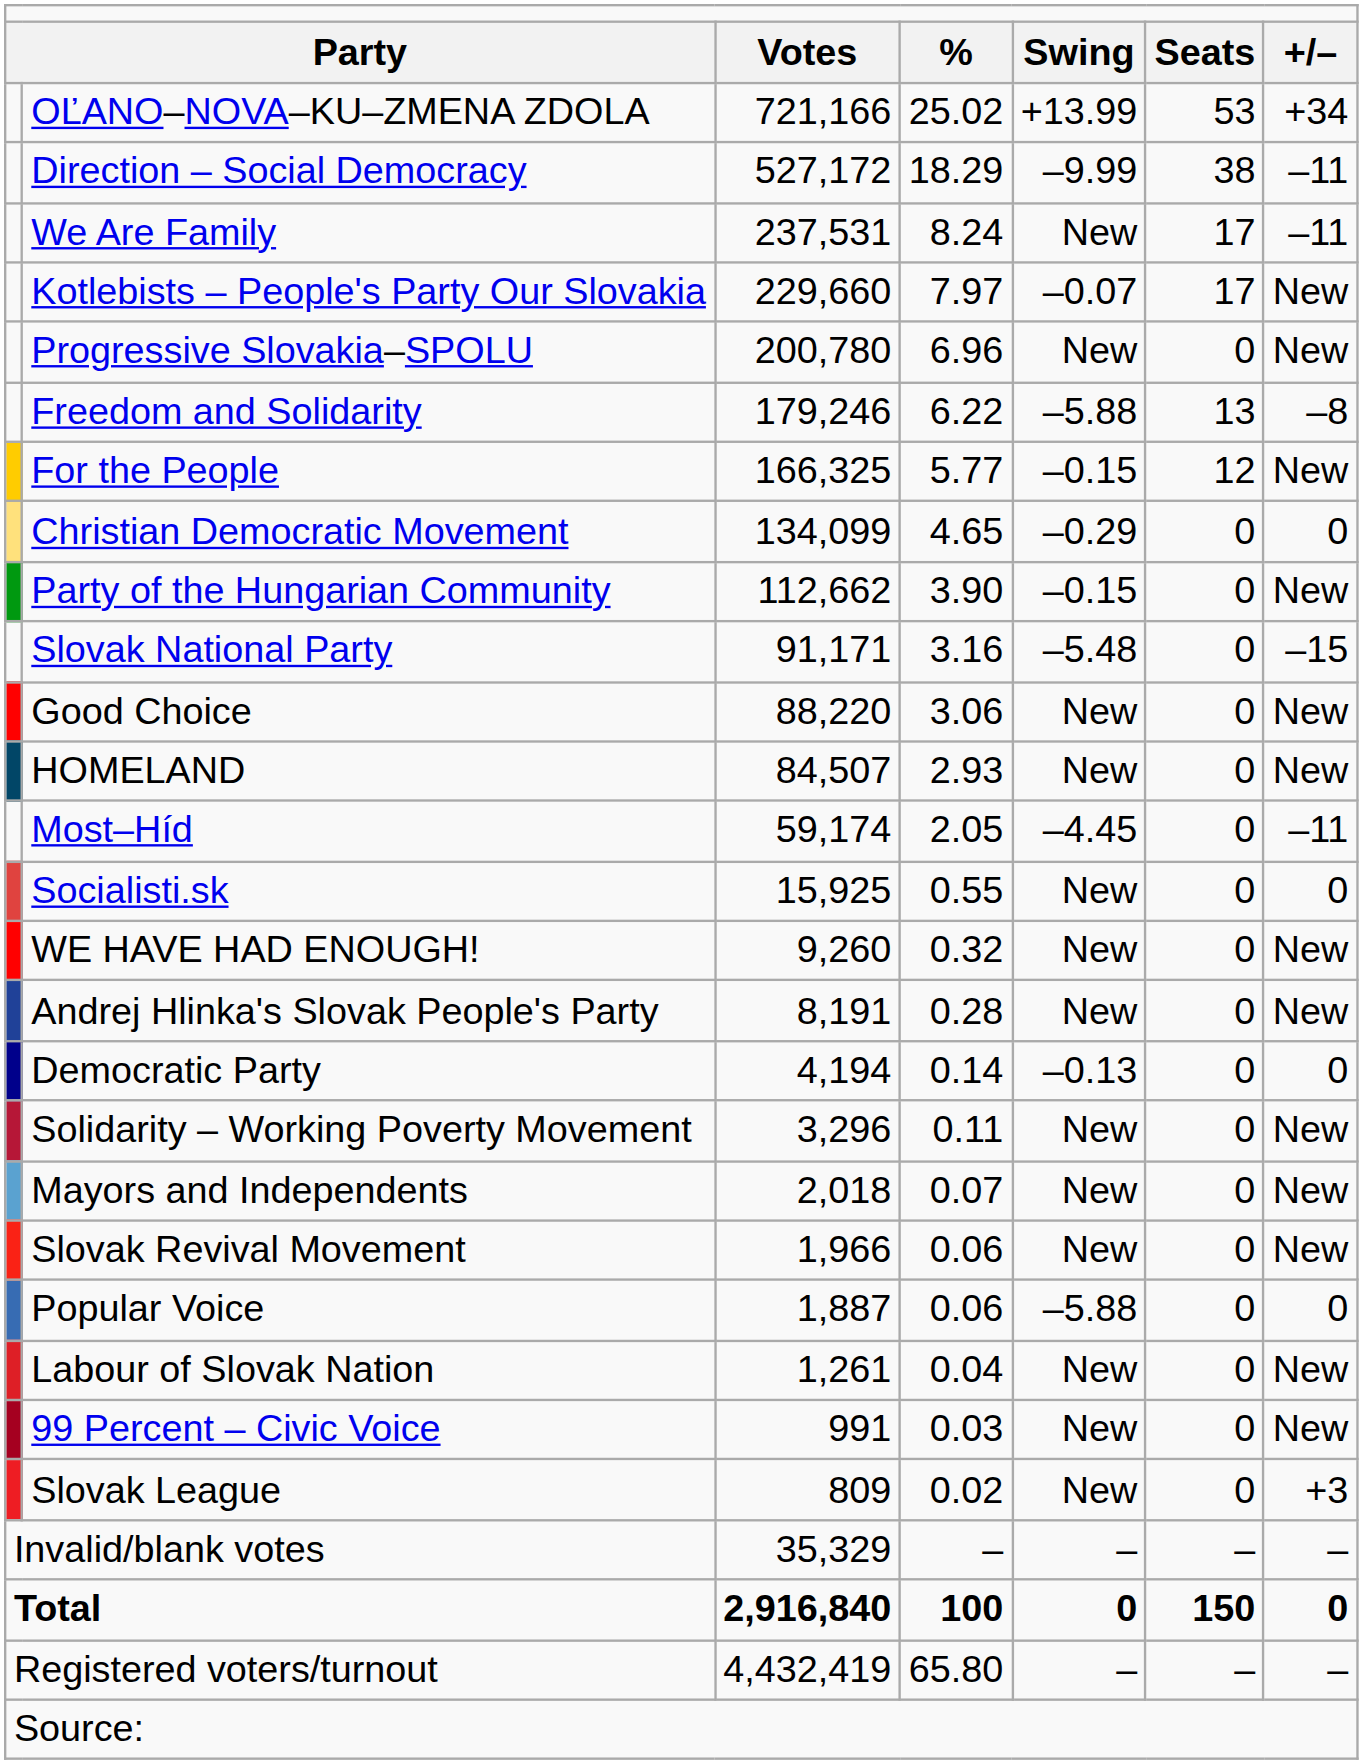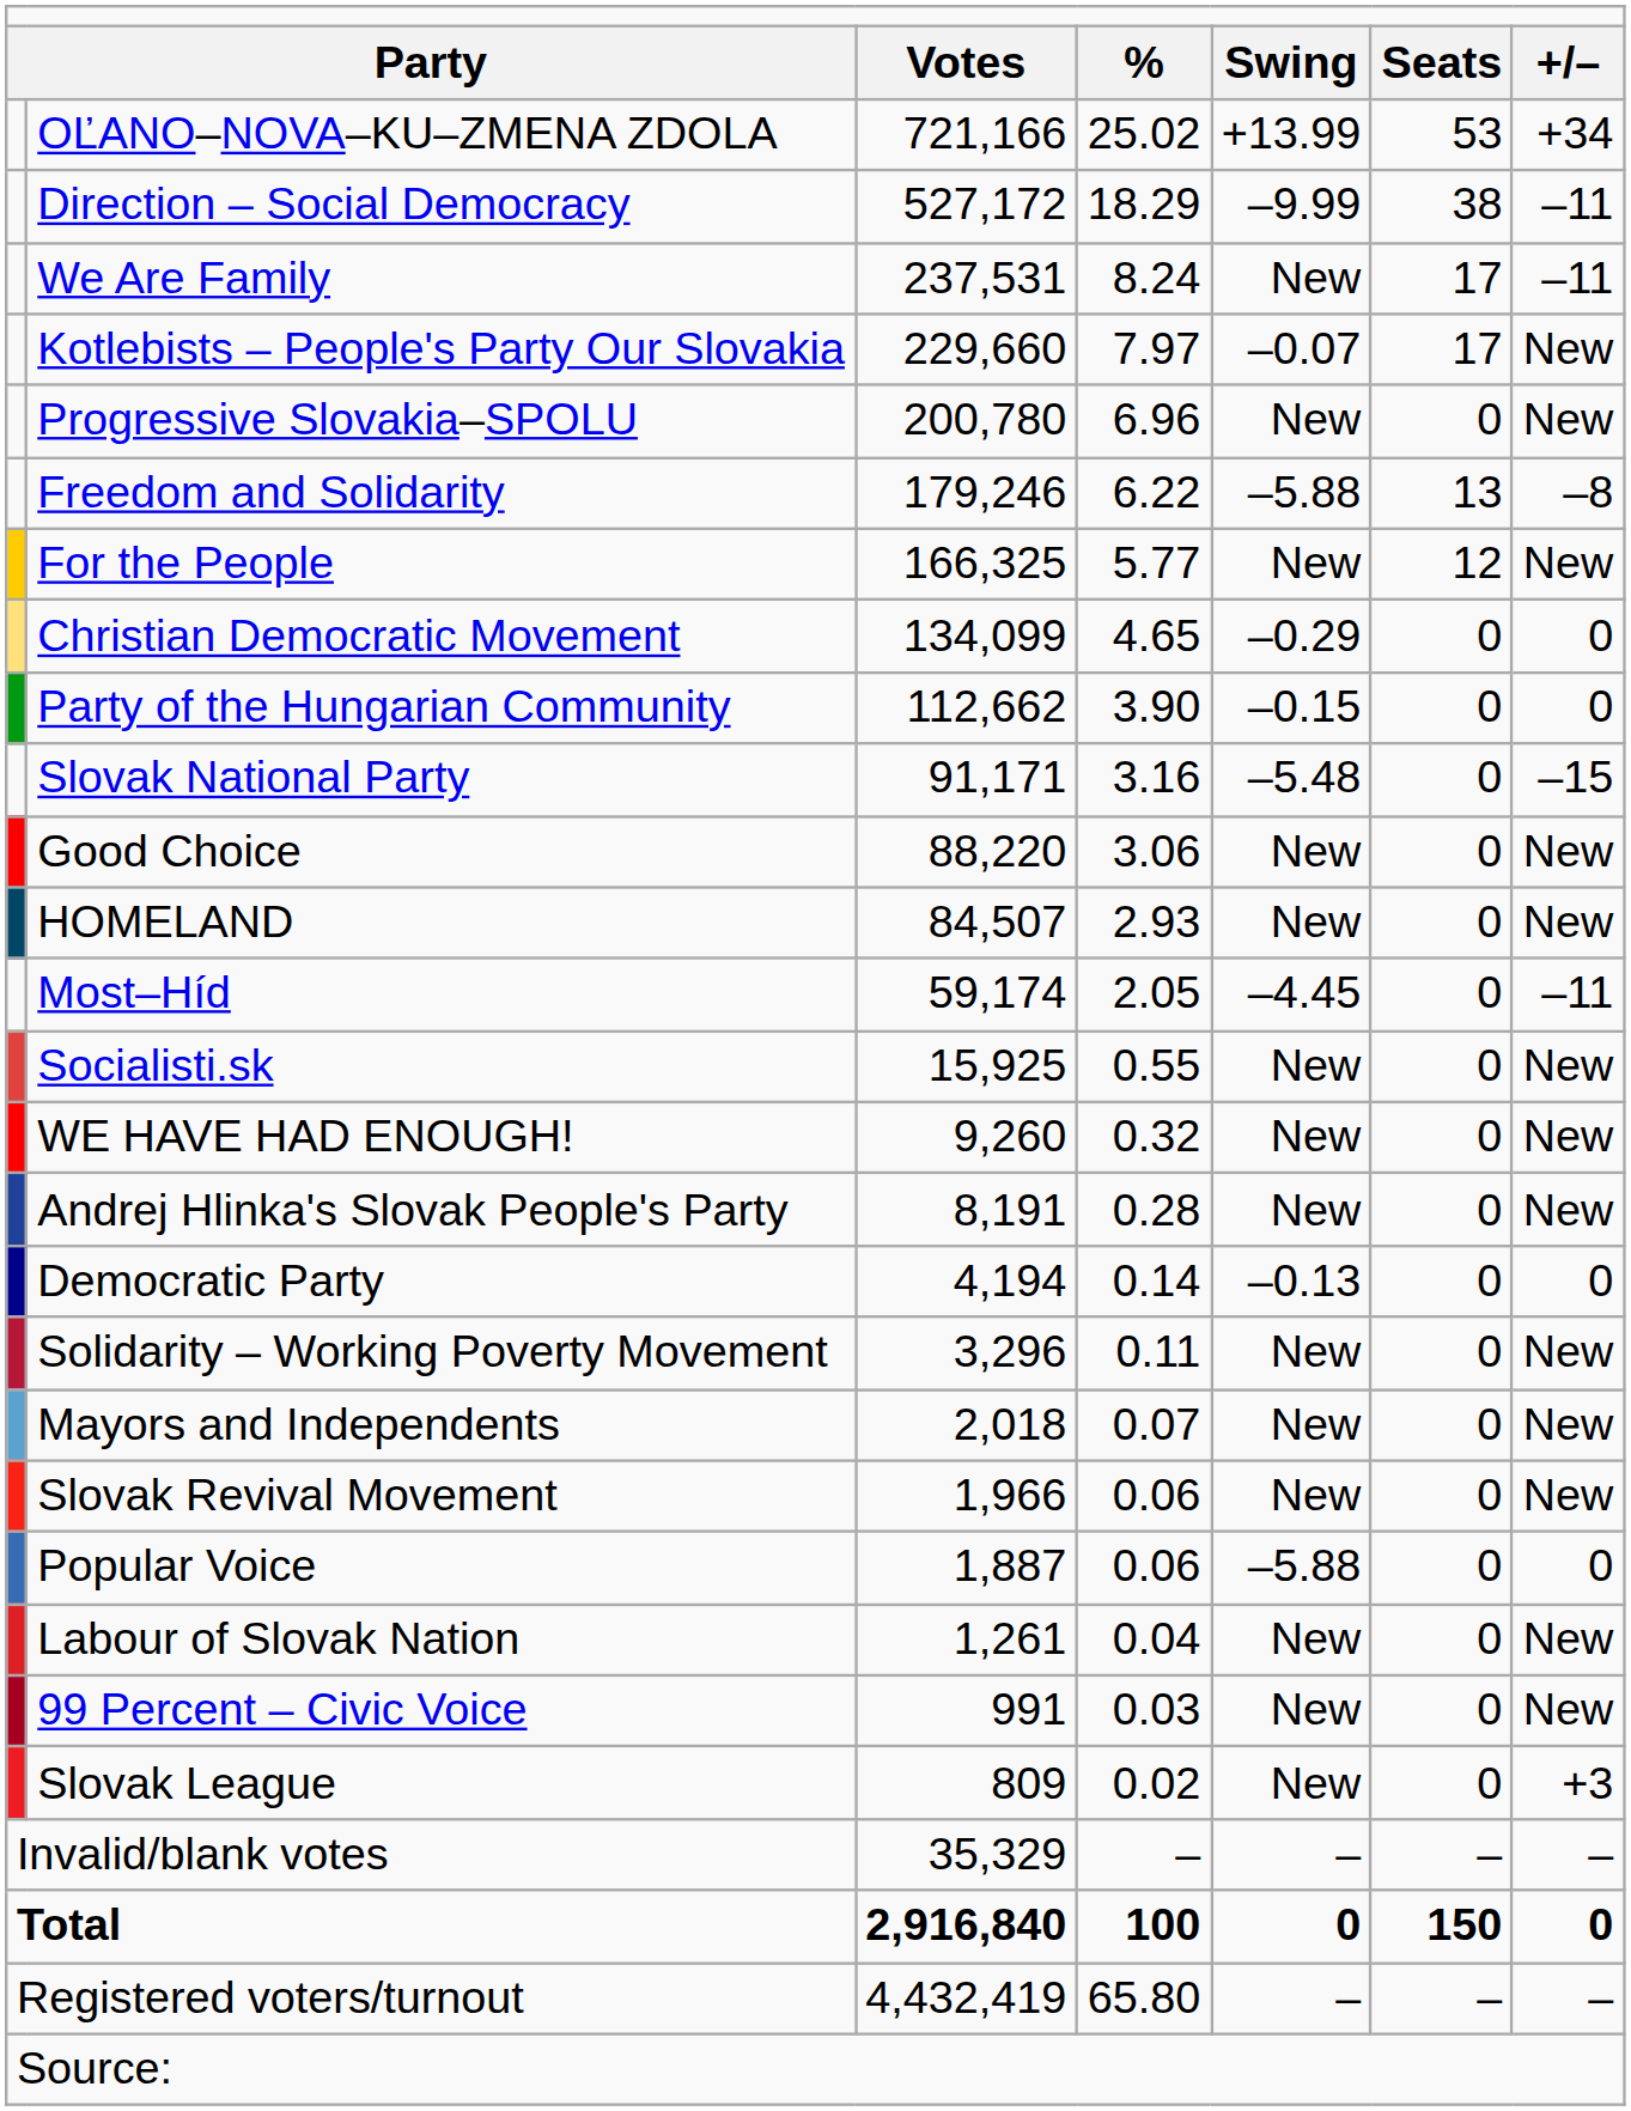 <table class="wikitable" style="text-align:right">
 <tr>
 <td colspan="10" align="center"></td>
 </tr>
 <tr>
 <th colspan="2">Party</th>
 <th>Votes</th>
 <th>%</th>
 <th>Swing</th>
 <th>Seats</th>
 <th>+/–</th>
 </tr>
 <tr>
 <td></td>
 <td align="left"><a href='#'>OĽANO</a>–<a href='#'>NOVA</a>–KU–ZMENA ZDOLA</td>
 <td>721,166</td>
 <td>25.02</td>
 <td>+13.99</td>
 <td>53</td>
 <td>+34</td>
 </tr>
 <tr>
 <td></td>
 <td align="left"><a href='#'>Direction – Social Democracy</a></td>
 <td>527,172</td>
 <td>18.29</td>
 <td>–9.99</td>
 <td>38</td>
 <td>–11</td>
 </tr>
 <tr>
 <td></td>
 <td align="left"><a href='#'>We Are Family</a></td>
 <td>237,531</td>
 <td>8.24</td>
 <td>New</td>
 <td>17</td>
 <td>–11</td>
 </tr>
 <tr>
 <td></td>
 <td align="left"><a href='#'>Kotlebists – People's Party Our Slovakia</a></td>
 <td>229,660</td>
 <td>7.97</td>
 <td>–0.07</td>
 <td>17</td>
 <td>New</td>
 </tr>
 <tr>
 <td></td>
 <td align="left"><a href='#'>Progressive Slovakia</a>–<a href='#'>SPOLU</a></td>
 <td>200,780</td>
 <td>6.96</td>
 <td>New</td>
 <td>0</td>
 <td>New</td>
 </tr>
 <tr>
 <td></td>
 <td align="left"><a href='#'>Freedom and Solidarity</a></td>
 <td>179,246</td>
 <td>6.22</td>
 <td>–5.88</td>
 <td>13</td>
 <td>–8</td>
 </tr>
 <tr>
 <td style="color:inherit;background:#FFCC00"></td>
 <td align="left"><a href='#'>For the People</a></td>
 <td>166,325</td>
 <td>5.77</td>
-<td>–0.15</td>
+<td>New</td>
 <td>12</td>
 <td>New</td>
 </tr>
 <tr>
 <td style="color:inherit;background:#FFE17C"></td>
 <td align="left"><a href='#'>Christian Democratic Movement</a></td>
 <td>134,099</td>
 <td>4.65</td>
 <td>–0.29</td>
 <td>0</td>
 <td>0</td>
 </tr>
 <tr>
 <td style="color:inherit;background:#009910"></td>
 <td align="left"><a href='#'>Party of the Hungarian Community</a></td>
 <td>112,662</td>
 <td>3.90</td>
 <td>–0.15</td>
 <td>0</td>
-<td>New</td>
+<td>0</td>
 </tr>
 <tr>
 <td></td>
 <td align="left"><a href='#'>Slovak National Party</a></td>
 <td>91,171</td>
 <td>3.16</td>
 <td>–5.48</td>
 <td>0</td>
 <td>–15</td>
 </tr>
 <tr>
 <td style="color:inherit;background:#FF0000"></td>
 <td align="left">Good Choice</td>
 <td>88,220</td>
 <td>3.06</td>
 <td>New</td>
 <td>0</td>
 <td>New</td>
 </tr>
 <tr>
 <td style="color:inherit;background:#014667"></td>
 <td align="left">HOMELAND</td>
 <td>84,507</td>
 <td>2.93</td>
 <td>New</td>
 <td>0</td>
 <td>New</td>
 </tr>
 <tr>
 <td></td>
 <td align="left"><a href='#'>Most–Híd</a></td>
 <td>59,174</td>
 <td>2.05</td>
 <td>–4.45</td>
 <td>0</td>
 <td>–11</td>
 </tr>
 <tr>
 <td style="color:inherit;background:#E0433F"></td>
 <td align="left"><a href='#'>Socialisti.sk</a></td>
 <td>15,925</td>
 <td>0.55</td>
 <td>New</td>
 <td>0</td>
-<td>0</td>
+<td>New</td>
 </tr>
 <tr>
 <td bgcolor="red"></td>
 <td align="left">WE HAVE HAD ENOUGH!</td>
 <td>9,260</td>
 <td>0.32</td>
 <td>New</td>
 <td>0</td>
 <td>New</td>
 </tr>
 <tr>
 <td style="color:inherit;background:#204198"></td>
 <td align="left">Andrej Hlinka's Slovak People's Party</td>
 <td>8,191</td>
 <td>0.28</td>
 <td>New</td>
 <td>0</td>
 <td>New</td>
 </tr>
 <tr>
 <td bgcolor="00008B"></td>
 <td align="left">Democratic Party</td>
 <td>4,194</td>
 <td>0.14</td>
 <td>–0.13</td>
 <td>0</td>
 <td>0</td>
 </tr>
 <tr>
 <td style="color:inherit;background:#B61737"></td>
 <td align="left">Solidarity – Working Poverty Movement</td>
 <td>3,296</td>
 <td>0.11</td>
 <td>New</td>
 <td>0</td>
 <td>New</td>
 </tr>
 <tr>
 <td style="color:inherit;background:#5aa2D0"></td>
 <td align="left">Mayors and Independents</td>
 <td>2,018</td>
 <td>0.07</td>
 <td>New</td>
 <td>0</td>
 <td>New</td>
 </tr>
 <tr>
 <td style="color:inherit;background:#Fa2215"></td>
 <td align="left">Slovak Revival Movement</td>
 <td>1,966</td>
 <td>0.06</td>
 <td>New</td>
 <td>0</td>
 <td>New</td>
 </tr>
 <tr>
 <td style="color:inherit;background:#376CB3"></td>
 <td align="left">Popular Voice</td>
 <td>1,887</td>
 <td>0.06</td>
 <td>–5.88</td>
 <td>0</td>
 <td>0</td>
 </tr>
 <tr>
 <td style="color:inherit;background:#DE1F26"></td>
 <td align="left">Labour of Slovak Nation</td>
 <td>1,261</td>
 <td>0.04</td>
 <td>New</td>
 <td>0</td>
 <td>New</td>
 </tr>
 <tr>
 <td style="color:inherit;background:#A50020"></td>
 <td align="left"><a href='#'>99 Percent – Civic Voice</a></td>
 <td>991</td>
 <td>0.03</td>
 <td>New</td>
 <td>0</td>
 <td>New</td>
 </tr>
 <tr>
 <td style="color:inherit;background:#EE1D23"></td>
 <td align="left">Slovak League</td>
 <td>809</td>
 <td>0.02</td>
 <td>New</td>
 <td>0</td>
 <td>+3</td>
 </tr>
 <tr>
 <td colspan="2" align="left">Invalid/blank votes</td>
 <td>35,329</td>
 <td>–</td>
 <td>–</td>
 <td>–</td>
 <td>–</td>
 </tr>
 <tr>
 <td colspan="2" align="left"><strong>Total</strong></td>
 <td><strong>2,916,840</strong></td>
 <td><strong>100</strong></td>
 <td><strong>0</strong></td>
 <td><strong>150</strong></td>
 <td><strong>0</strong></td>
 </tr>
 <tr>
 <td colspan="2" align="left">Registered voters/turnout</td>
 <td>4,432,419</td>
 <td>65.80</td>
 <td>–</td>
 <td>–</td>
 <td>–</td>
 </tr>
 <tr>
 <td colspan="7" align="left">Source: </td>
 </tr>
 </table>
